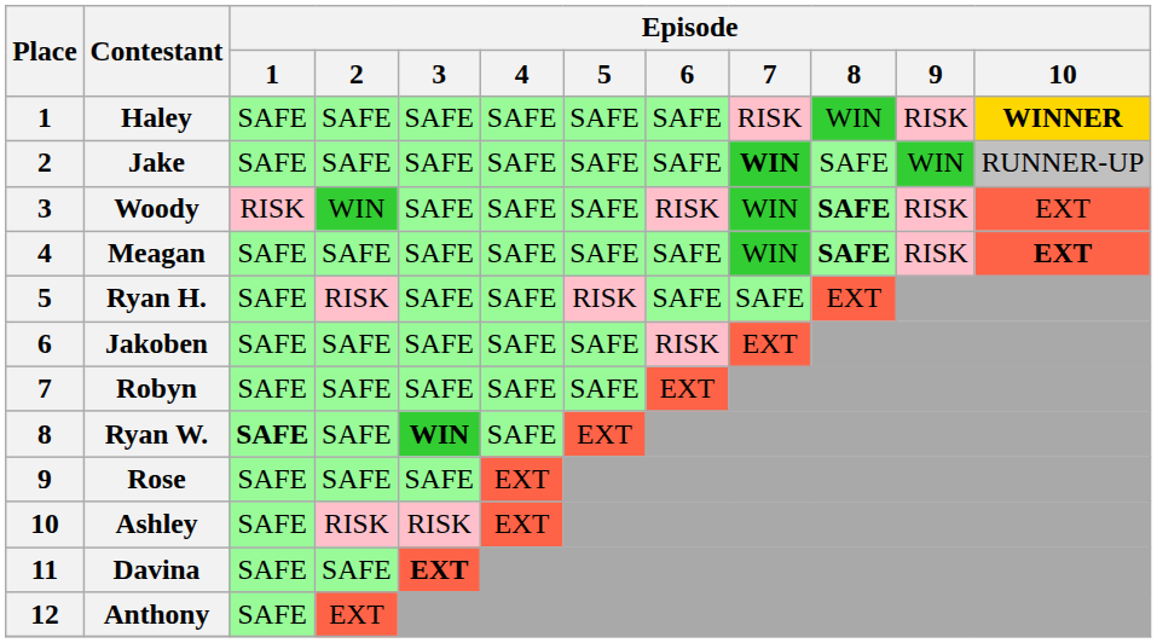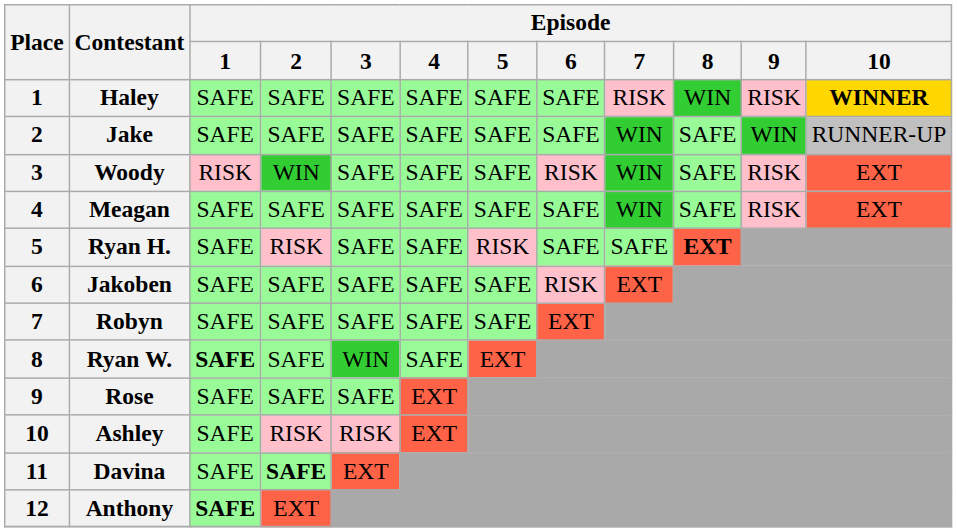 <table class="wikitable" style="text-align: center;">
 <tr>
 <th rowspan="2">Place</th>
 <th rowspan="2">Contestant</th>
 <th colspan="10">Episode</th>
 </tr>
 <tr>
 <th>1</th>
 <th>2</th>
 <th>3</th>
 <th>4</th>
 <th>5</th>
 <th>6</th>
 <th>7</th>
 <th>8</th>
 <th>9</th>
 <th>10</th>
 </tr>
 <tr>
 <th>1</th>
 <th>Haley</th>
 <td style="background:palegreen;">SAFE</td>
 <td style="background:palegreen;">SAFE</td>
 <td style="background:palegreen;">SAFE</td>
 <td style="background:palegreen;">SAFE</td>
 <td style="background:palegreen;">SAFE</td>
 <td style="background:palegreen;">SAFE</td>
 <td style="background:pink;">RISK</td>
 <td style="background:limegreen;">WIN</td>
 <td style="background:pink;">RISK</td>
 <td style="background:gold;"><strong>WINNER</strong></td>
 </tr>
 <tr>
 <th>2</th>
 <th>Jake</th>
 <td style="background:palegreen;">SAFE</td>
 <td style="background:palegreen;">SAFE</td>
 <td style="background:palegreen;">SAFE</td>
 <td style="background:palegreen;">SAFE</td>
 <td style="background:palegreen;">SAFE</td>
 <td style="background:palegreen;">SAFE</td>
-<td style="background:limegreen;"><strong>WIN</strong></td>
+<td style="background:limegreen;">WIN</td>
 <td style="background:palegreen;">SAFE</td>
 <td style="background:limegreen;">WIN</td>
 <td style="background:silver;">RUNNER-UP</td>
 </tr>
 <tr>
 <th>3</th>
 <th>Woody</th>
 <td style="background:pink;">RISK</td>
 <td style="background:limegreen;">WIN</td>
 <td style="background:palegreen;">SAFE</td>
 <td style="background:palegreen;">SAFE</td>
 <td style="background:palegreen;">SAFE</td>
 <td style="background:pink;">RISK</td>
 <td style="background:limegreen;">WIN</td>
-<td style="background:palegreen;"><strong>SAFE</strong></td>
+<td style="background:palegreen;">SAFE</td>
 <td style="background:pink;">RISK</td>
 <td style="background:tomato;">EXT</td>
 </tr>
 <tr>
 <th>4</th>
 <th>Meagan</th>
 <td style="background:palegreen;">SAFE</td>
 <td style="background:palegreen;">SAFE</td>
 <td style="background:palegreen;">SAFE</td>
 <td style="background:palegreen;">SAFE</td>
 <td style="background:palegreen;">SAFE</td>
 <td style="background:palegreen;">SAFE</td>
 <td style="background:limegreen;">WIN</td>
-<td style="background:palegreen;"><strong>SAFE</strong></td>
+<td style="background:palegreen;">SAFE</td>
 <td style="background:pink;">RISK</td>
-<td style="background:tomato;"><strong>EXT</strong></td>
+<td style="background:tomato;">EXT</td>
 </tr>
 <tr>
 <th>5</th>
 <th>Ryan H.</th>
 <td style="background:palegreen;">SAFE</td>
 <td style="background:pink;">RISK</td>
 <td style="background:palegreen;">SAFE</td>
 <td style="background:palegreen;">SAFE</td>
 <td style="background:pink;">RISK</td>
 <td style="background:palegreen;">SAFE</td>
 <td style="background:palegreen;">SAFE</td>
-<td style="background:tomato;">EXT</td>
+<td style="background:tomato;"><strong>EXT</strong></td>
 <td colspan="2" style="background:darkgrey"></td>
 </tr>
 <tr>
 <th>6</th>
 <th>Jakoben</th>
 <td style="background:palegreen;">SAFE</td>
 <td style="background:palegreen;">SAFE</td>
 <td style="background:palegreen;">SAFE</td>
 <td style="background:palegreen;">SAFE</td>
 <td style="background:palegreen;">SAFE</td>
 <td style="background:pink;">RISK</td>
 <td style="background:tomato;">EXT</td>
 <td colspan="3" style="background:darkgrey"></td>
 </tr>
 <tr>
 <th>7</th>
 <th>Robyn</th>
 <td style="background:palegreen;">SAFE</td>
 <td style="background:palegreen;">SAFE</td>
 <td style="background:palegreen;">SAFE</td>
 <td style="background:palegreen;">SAFE</td>
 <td style="background:palegreen;">SAFE</td>
 <td style="background:tomato;">EXT</td>
 <td colspan="4" style="background:darkgrey"></td>
 </tr>
 <tr>
 <th>8</th>
 <th>Ryan W.</th>
 <td style="background:palegreen;"><strong>SAFE</strong></td>
 <td style="background:palegreen;">SAFE</td>
-<td style="background:limegreen;"><strong>WIN</strong></td>
+<td style="background:limegreen;">WIN</td>
 <td style="background:palegreen;">SAFE</td>
 <td style="background:tomato;">EXT</td>
 <td colspan="5" style="background:darkgrey"></td>
 </tr>
 <tr>
 <th>9</th>
 <th>Rose</th>
 <td style="background:palegreen;">SAFE</td>
 <td style="background:palegreen;">SAFE</td>
 <td style="background:palegreen;">SAFE</td>
 <td style="background:tomato;">EXT</td>
 <td colspan="6" style="background:darkgrey;"></td>
 </tr>
 <tr>
 <th>10</th>
 <th>Ashley</th>
 <td style="background:palegreen;">SAFE</td>
 <td style="background:pink;">RISK</td>
 <td style="background:pink;">RISK</td>
 <td style="background:tomato;">EXT</td>
 <td colspan="6" style="background:darkgrey"></td>
 </tr>
 <tr>
 <th>11</th>
 <th>Davina</th>
 <td style="background:palegreen;">SAFE</td>
-<td style="background:palegreen;">SAFE</td>
-<td style="background:tomato;"><strong>EXT</strong></td>
+<td style="background:palegreen;"><strong>SAFE</strong></td>
+<td style="background:tomato;">EXT</td>
 <td colspan="7" style="background:darkgrey;"></td>
 </tr>
 <tr>
 <th>12</th>
 <th>Anthony</th>
-<td style="background:palegreen;">SAFE</td>
+<td style="background:palegreen;"><strong>SAFE</strong></td>
 <td style="background:tomato;">EXT</td>
 <td colspan="8" style="background:darkgrey;"></td>
 </tr>
 <tr>
 </tr>
 </table>
